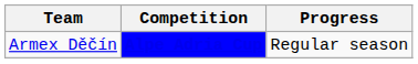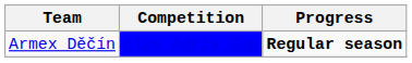 <table class="wikitable sortable">
 <tr>
 <th>Team</th>
 <th>Competition</th>
 <th>Progress</th>
 </tr>
 <tr>
 <td><a href='#'>Armex Děčín</a></td>
 <td style="background-color:blue;color:#D0D3D4;text-align:center"><strong><a href='#'><span>Alpe Adria Cup</span></a></strong></td>
-<td>Regular season</td>
+<td><strong>Regular season</strong></td>
 </tr>
 <tr>
 </tr>
 </table>
